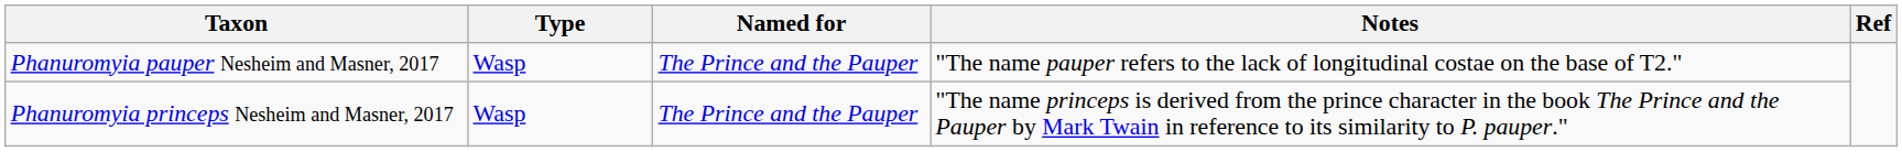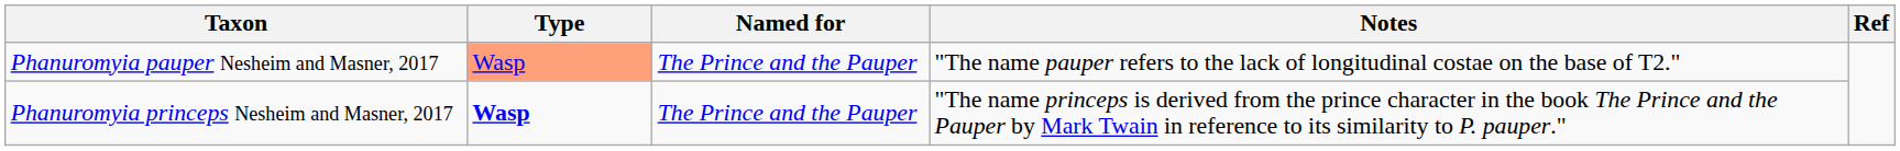 <table class="wikitable sortable" width="100%">
 <tr>
 <th style="width:25%;">Taxon</th>
 <th style="width:10%;">Type</th>
 <th style="width:15%;">Named for</th>
 <th style="width:50%;">Notes</th>
 <th class="unsortable">Ref</th>
 </tr>
 <tr>
 <td><em><a href='#'>Phanuromyia pauper</a></em> <small>Nesheim and Masner, 2017</small></td>
-<td><a href='#'>Wasp</a></td>
+<td style="background: lightsalmon;"><a href='#'>Wasp</a></td>
 <td><em><a href='#'>The Prince and the Pauper</a></em></td>
 <td>"The name <em>pauper</em> refers to the lack of longitudinal costae on the base of T2."</td>
 <td rowspan="2"></td>
 </tr>
 <tr>
 <td><em><a href='#'>Phanuromyia princeps</a></em> <small>Nesheim and Masner, 2017</small></td>
-<td><a href='#'>Wasp</a></td>
+<td><strong><a href='#'>Wasp</a></strong></td>
 <td><em><a href='#'>The Prince and the Pauper</a></em></td>
 <td>"The name <em>princeps</em> is derived from the prince character in the book <em>The Prince and the Pauper</em> by <a href='#'>Mark Twain</a> in reference to its similarity to <em>P. pauper</em>."</td>
 </tr>
 </table>
